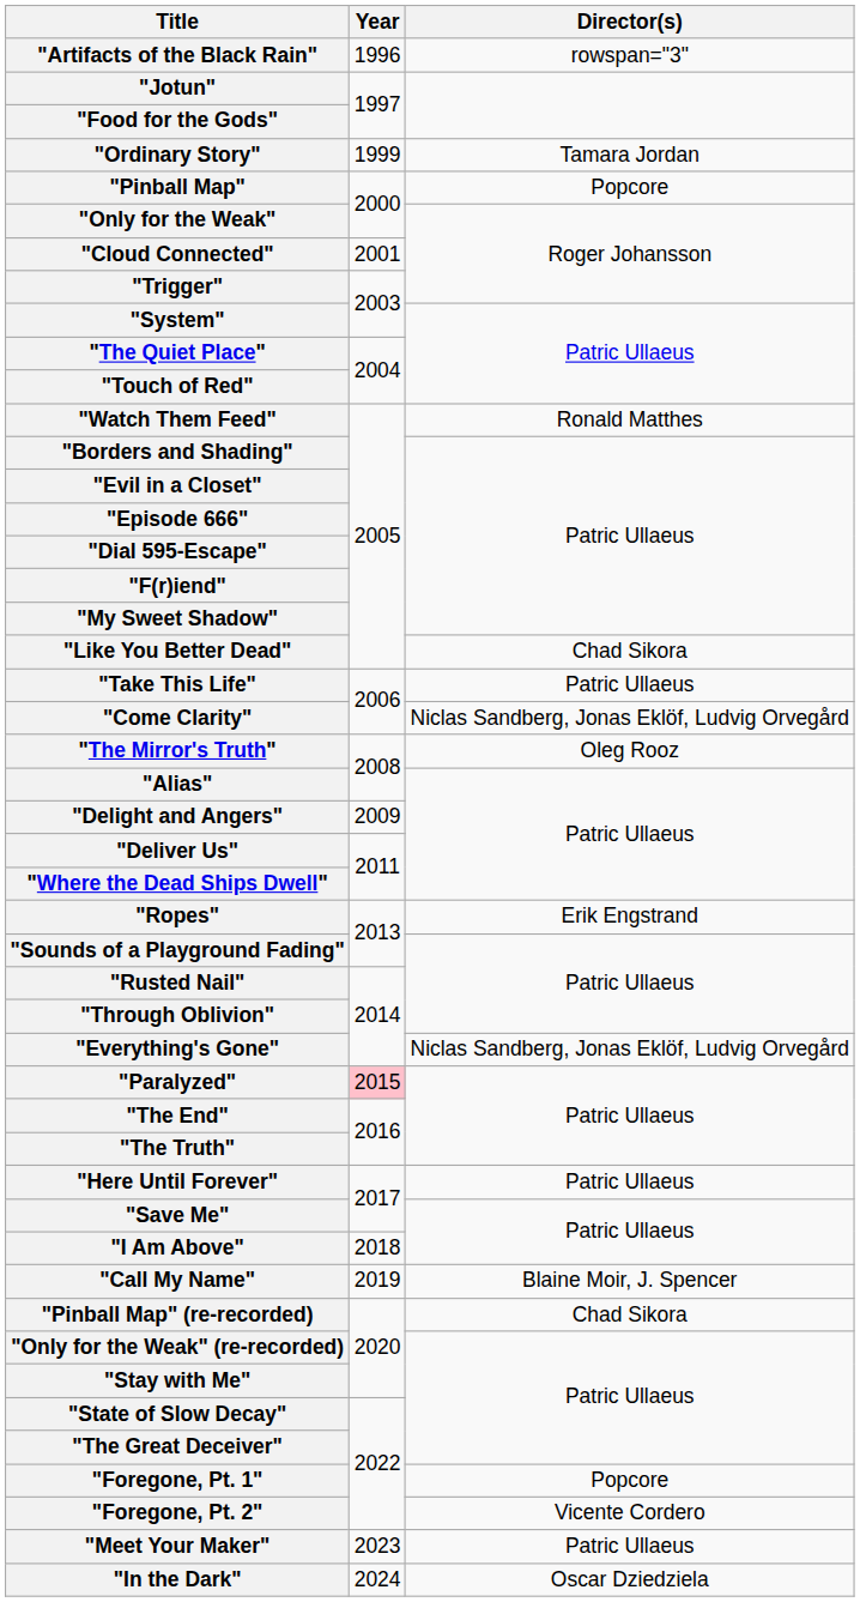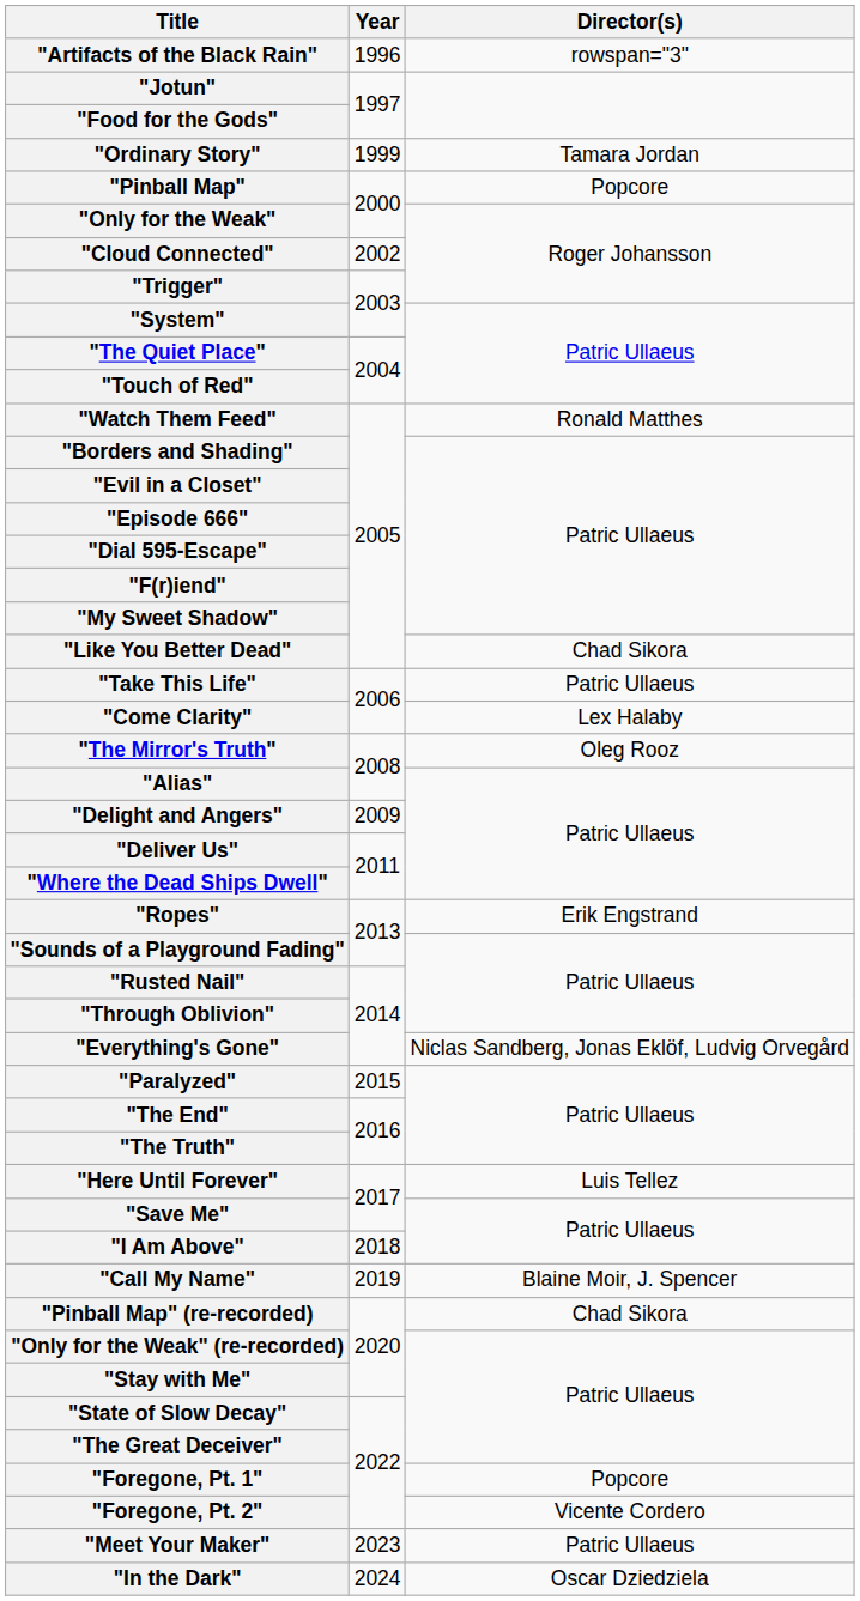 <table class="wikitable plainrowheaders" style="text-align:center;">
 <tr>
 <th scope="col">Title</th>
 <th scope="col">Year</th>
 <th scope="col">Director(s)</th>
 </tr>
 <tr>
 <th scope="row">"Artifacts of the Black Rain"</th>
 <td>1996</td>
 <td>rowspan="3" </td>
 </tr>
 <tr>
 <th scope="row">"Jotun"</th>
 <td rowspan="2">1997</td>
 </tr>
 <tr>
 <th scope="row">"Food for the Gods"</th>
 </tr>
 <tr>
 <th scope="row">"Ordinary Story"</th>
 <td>1999</td>
 <td>Tamara Jordan </td>
 </tr>
 <tr>
 <th scope="row">"Pinball Map"</th>
 <td rowspan="2">2000</td>
 <td>Popcore </td>
 </tr>
 <tr>
 <th scope="row">"Only for the Weak"</th>
 <td rowspan="3">Roger Johansson </td>
 </tr>
 <tr>
 <th scope="row">"Cloud Connected"</th>
-<td>2001</td>
+<td>2002</td>
 </tr>
 <tr>
 <th scope="row">"Trigger"</th>
 <td rowspan="2">2003</td>
 </tr>
 <tr>
 <th scope="row">"System"</th>
 <td rowspan="3"><a href='#'>Patric Ullaeus</a></td>
 </tr>
 <tr>
 <th scope="row">"<a href='#'>The Quiet Place</a>"</th>
 <td rowspan="2">2004</td>
 </tr>
 <tr>
 <th scope="row">"Touch of Red"</th>
 </tr>
 <tr>
 <th scope="row">"Watch Them Feed"</th>
 <td rowspan="8">2005</td>
 <td>Ronald Matthes</td>
 </tr>
 <tr>
 <th scope="row">"Borders and Shading"</th>
 <td rowspan="6">Patric Ullaeus </td>
 </tr>
 <tr>
 <th scope="row">"Evil in a Closet"</th>
 </tr>
 <tr>
 <th scope="row">"Episode 666"</th>
 </tr>
 <tr>
 <th scope="row">"Dial 595-Escape"</th>
 </tr>
 <tr>
 <th scope="row">"F(r)iend"</th>
 </tr>
 <tr>
 <th scope="row">"My Sweet Shadow"</th>
 </tr>
 <tr>
 <th scope="row">"Like You Better Dead"</th>
 <td>Chad Sikora</td>
 </tr>
 <tr>
 <th scope="row">"Take This Life"</th>
 <td rowspan="2">2006</td>
 <td>Patric Ullaeus</td>
 </tr>
 <tr>
 <th scope="row">"Come Clarity"</th>
-<td>Niclas Sandberg, Jonas Eklöf, Ludvig Orvegård</td>
+<td>Lex Halaby </td>
 </tr>
 <tr>
 <th scope="row">"<a href='#'>The Mirror's Truth</a>"</th>
 <td rowspan="2">2008</td>
 <td>Oleg Rooz</td>
 </tr>
 <tr>
 <th scope="row">"Alias"</th>
 <td rowspan="4">Patric Ullaeus </td>
 </tr>
 <tr>
 <th scope="row">"Delight and Angers"</th>
 <td>2009</td>
 </tr>
 <tr>
 <th scope="row">"Deliver Us"</th>
 <td rowspan="2">2011</td>
 </tr>
 <tr>
 <th scope="row">"<a href='#'>Where the Dead Ships Dwell</a>"</th>
 </tr>
 <tr>
 <th scope="row">"Ropes"</th>
 <td rowspan="2">2013</td>
 <td>Erik Engstrand</td>
 </tr>
 <tr>
 <th scope="row">"Sounds of a Playground Fading"</th>
 <td rowspan="3">Patric Ullaeus </td>
 </tr>
 <tr>
 <th scope="row">"Rusted Nail"</th>
 <td rowspan="3">2014</td>
 </tr>
 <tr>
 <th scope="row">"Through Oblivion"</th>
 </tr>
 <tr>
 <th scope="row">"Everything's Gone"</th>
 <td>Niclas Sandberg, Jonas Eklöf, Ludvig Orvegård</td>
 </tr>
 <tr>
 <th scope="row">"Paralyzed"</th>
-<td style="background: pink;">2015</td>
+<td>2015</td>
 <td rowspan="3">Patric Ullaeus</td>
 </tr>
 <tr>
 <th scope="row">"The End"</th>
 <td rowspan="2">2016</td>
 </tr>
 <tr>
 <th scope="row">"The Truth"</th>
 </tr>
 <tr>
 <th scope="row">"Here Until Forever"</th>
 <td rowspan="2">2017</td>
-<td>Patric Ullaeus</td>
+<td>Luis Tellez</td>
 </tr>
 <tr>
 <th scope="row">"Save Me"</th>
 <td rowspan="2">Patric Ullaeus</td>
 </tr>
 <tr>
 <th scope="row">"I Am Above"</th>
 <td>2018</td>
 </tr>
 <tr>
 <th scope="row">"Call My Name"</th>
 <td>2019</td>
 <td>Blaine Moir, J. Spencer</td>
 </tr>
 <tr>
 <th scope="row">"Pinball Map" (re-recorded)</th>
 <td rowspan="3">2020</td>
 <td>Chad Sikora</td>
 </tr>
 <tr>
 <th scope="row">"Only for the Weak" (re-recorded)</th>
 <td rowspan="4">Patric Ullaeus</td>
 </tr>
 <tr>
 <th scope="row">"Stay with Me"</th>
 </tr>
 <tr>
 <th scope="row">"State of Slow Decay"</th>
 <td rowspan="4">2022</td>
 </tr>
 <tr>
 <th scope="row">"The Great Deceiver"</th>
 </tr>
 <tr>
 <th scope="row">"Foregone, Pt. 1"</th>
 <td>Popcore </td>
 </tr>
 <tr>
 <th scope="row">"Foregone, Pt. 2"</th>
 <td>Vicente Cordero</td>
 </tr>
 <tr>
 <th scope="row">"Meet Your Maker"</th>
 <td>2023</td>
 <td>Patric Ullaeus</td>
 </tr>
 <tr>
 <th scope="row">"In the Dark"</th>
 <td>2024</td>
 <td>Oscar Dziedziela</td>
 </tr>
 </table>
